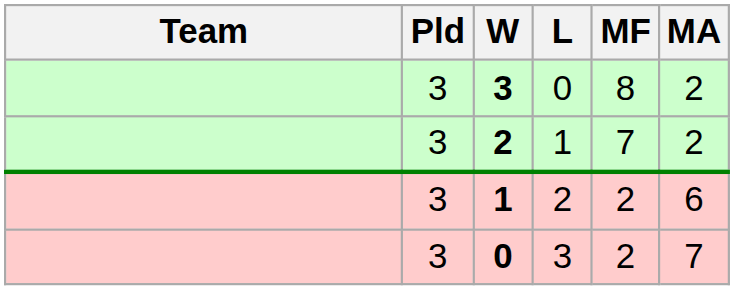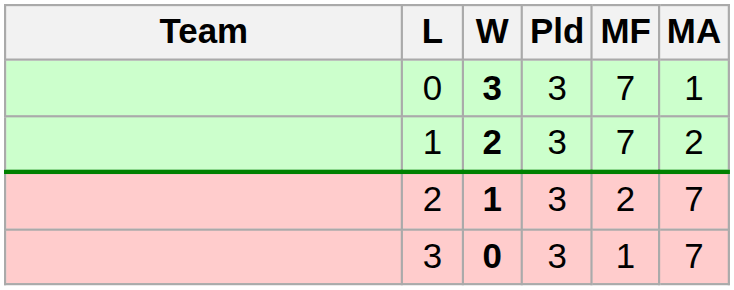 <table class=wikitable style="text-align:center">
 <tr>
 <th width=175>Team</th>
+<th width=20>L</th>
+<th width=20>W</th>
 <th width=20>Pld</th>
-<th width=20>W</th>
-<th width=20>L</th>
 <th width=20>MF</th>
 <th width=20>MA</th>
 </tr>
 <tr bgcolor=ccffcc>
 <td style="text-align:left"></td>
+<td>0</td>
+<td><strong>3</strong></td>
 <td>3</td>
-<td><strong>3</strong></td>
-<td>0</td>
-<td>8</td>
-<td>2</td>
+<td>7</td>
+<td>1</td>
 </tr>
 <tr bgcolor=ccffcc style="border-bottom:2px solid green;">
 <td style="text-align:left"></td>
+<td>1</td>
+<td><strong>2</strong></td>
 <td>3</td>
-<td><strong>2</strong></td>
-<td>1</td>
 <td>7</td>
 <td>2</td>
 </tr>
 <tr bgcolor=ffcccc>
 <td style="text-align:left"></td>
+<td>2</td>
+<td><strong>1</strong></td>
 <td>3</td>
-<td><strong>1</strong></td>
 <td>2</td>
-<td>2</td>
-<td>6</td>
+<td>7</td>
 </tr>
 <tr bgcolor=ffcccc>
 <td style="text-align:left"></td>
 <td>3</td>
 <td><strong>0</strong></td>
 <td>3</td>
-<td>2</td>
+<td>1</td>
 <td>7</td>
 </tr>
 </table>
